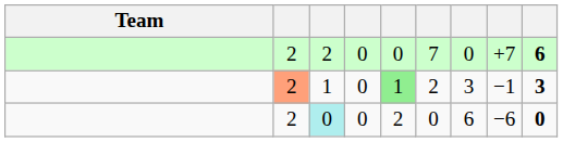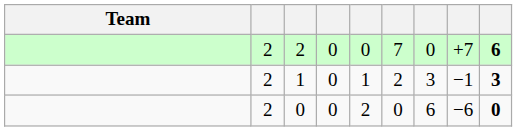 <table class=wikitable style="text-align:center">
 <tr>
 <th width=200>Team</th>
 <th width=20></th>
 <th width=20></th>
 <th width=20></th>
 <th width=20></th>
 <th width=20></th>
 <th width=20></th>
 <th width=20></th>
 <th width=20></th>
 </tr>
 <tr bgcolor=#ccffcc>
 <td align=left></td>
 <td>2</td>
 <td>2</td>
 <td>0</td>
 <td>0</td>
 <td>7</td>
 <td>0</td>
 <td>+7</td>
 <td><strong>6</strong></td>
 </tr>
 <tr>
 <td align=left></td>
-<td style="background: lightsalmon;">2</td>
+<td>2</td>
 <td>1</td>
 <td>0</td>
-<td style="background: lightgreen;">1</td>
+<td>1</td>
 <td>2</td>
 <td>3</td>
 <td>−1</td>
 <td><strong>3</strong></td>
 </tr>
 <tr>
 <td align=left></td>
 <td>2</td>
-<td style="background: paleturquoise;">0</td>
+<td>0</td>
 <td>0</td>
 <td>2</td>
 <td>0</td>
 <td>6</td>
 <td>−6</td>
 <td><strong>0</strong></td>
 </tr>
 </table>
